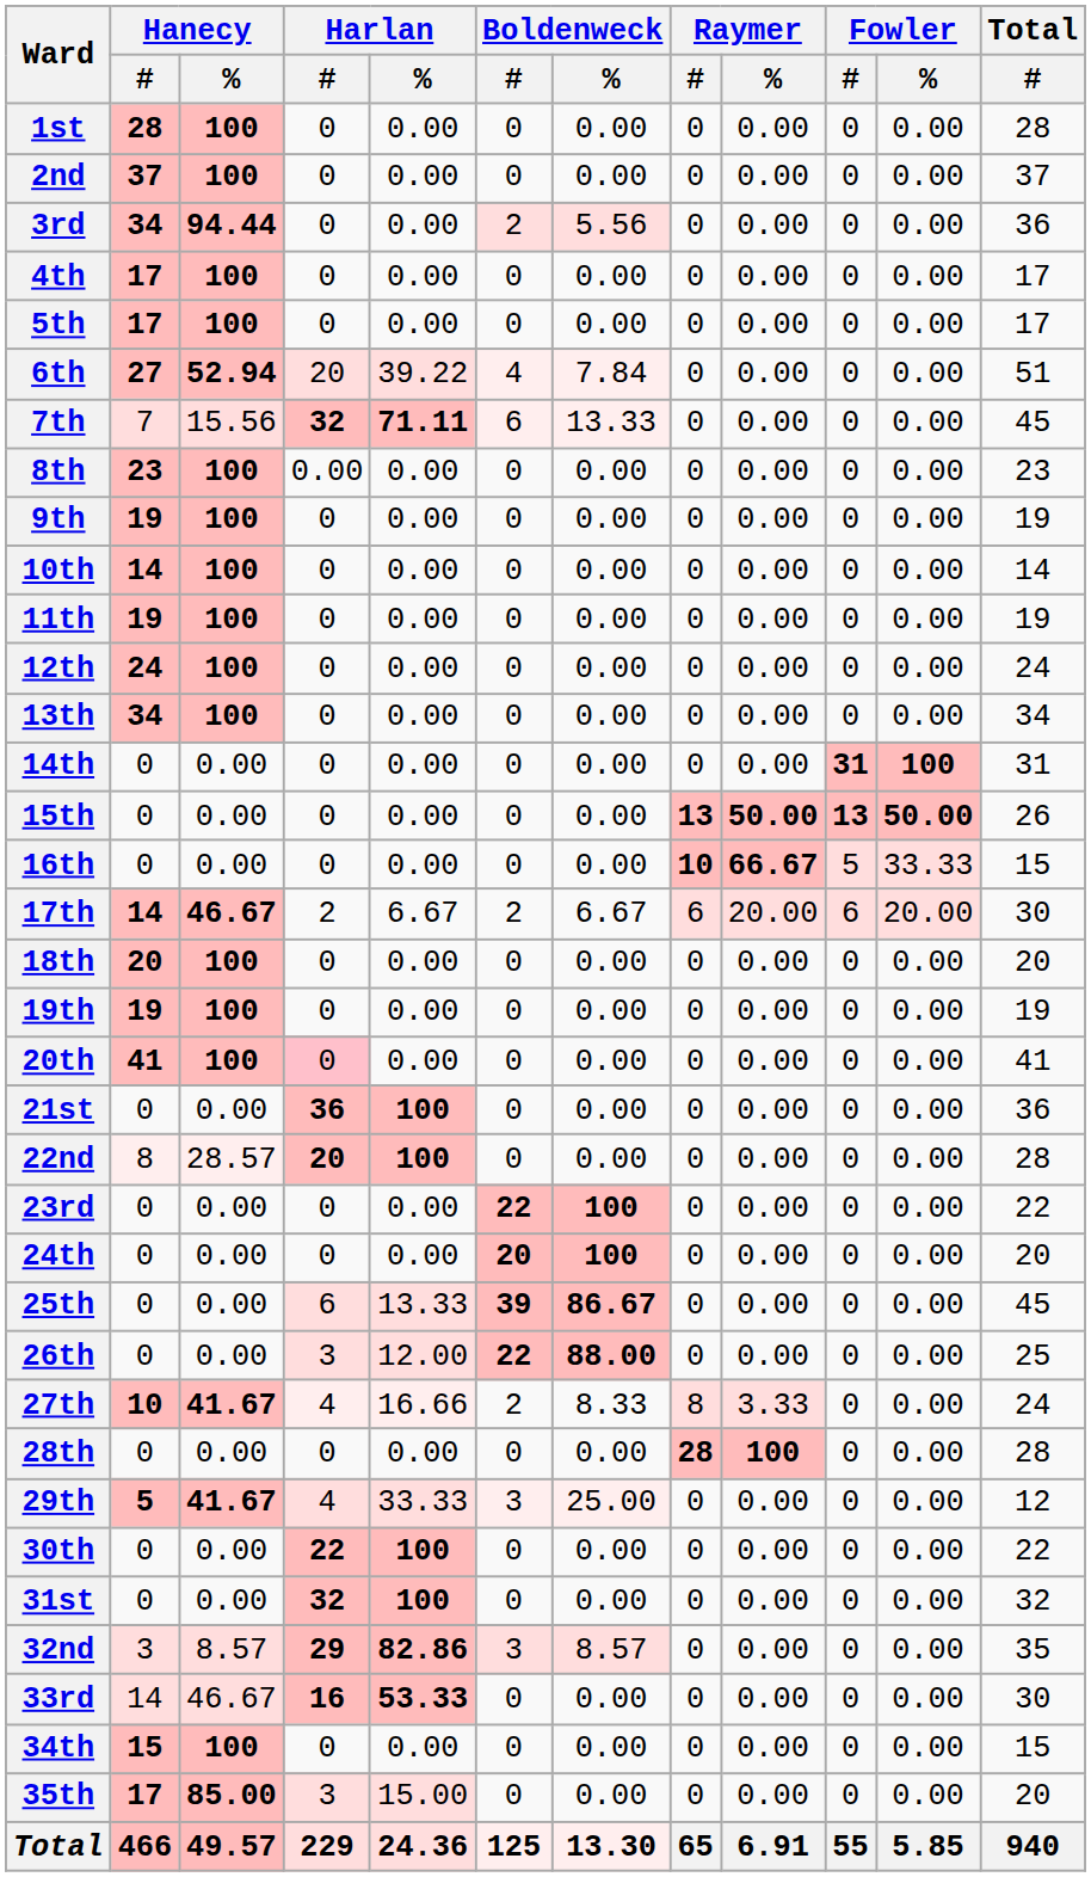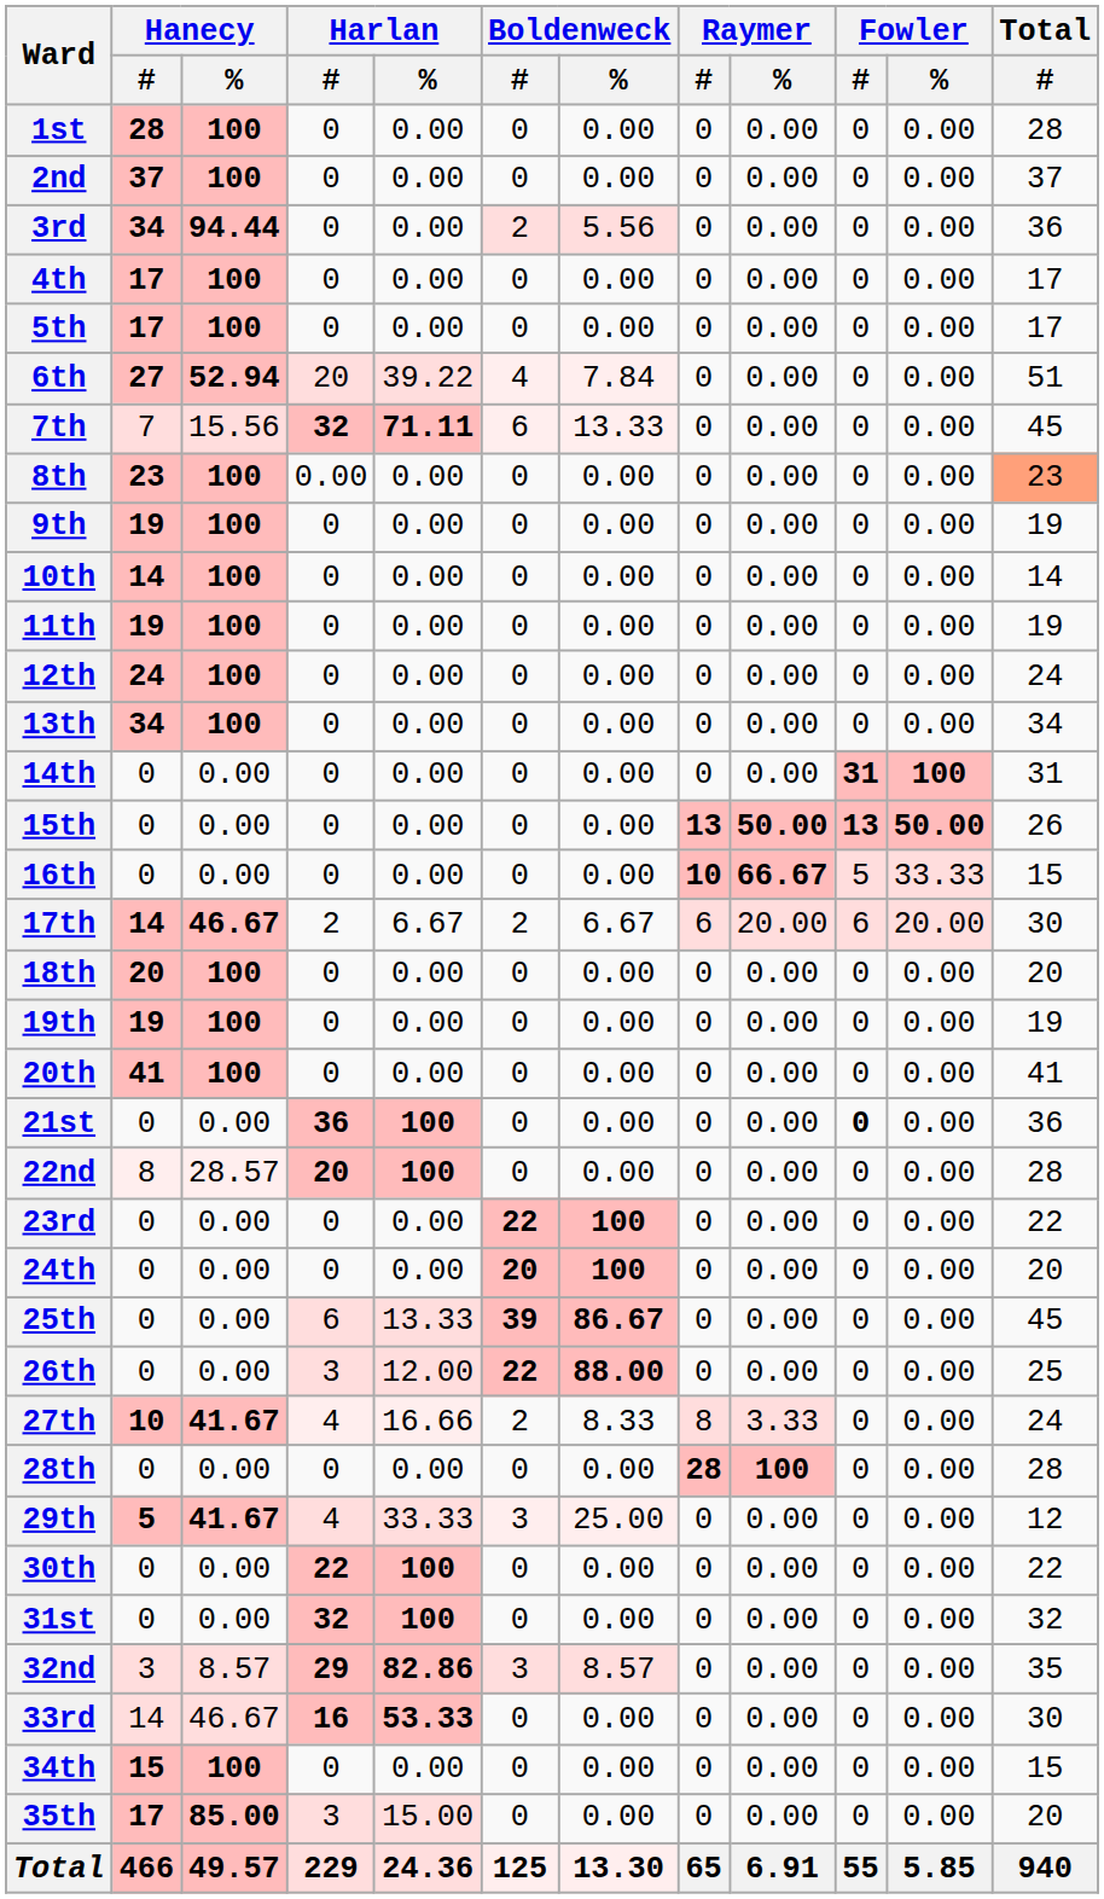 <table class="wikitable mw-collapsible mw-collapsed" style="text-align: center">
 <tr>
 <th rowspan=2>Ward</th>
 <th colspan=2><a href='#'>Hanecy</a></th>
 <th colspan=2><a href='#'>Harlan</a></th>
 <th colspan=2><a href='#'>Boldenweck</a></th>
 <th colspan=2><a href='#'>Raymer</a></th>
 <th colspan=2><a href='#'>Fowler</a></th>
 <th>Total</th>
 </tr>
 <tr>
 <th>#</th>
 <th>%</th>
 <th>#</th>
 <th>%</th>
 <th>#</th>
 <th>%</th>
 <th>#</th>
 <th>%</th>
 <th>#</th>
 <th>%</th>
 <th>#</th>
 </tr>
 <tr>
 <th><a href='#'>1st</a></th>
 <td style="background:#fbb;"><strong>28</strong></td>
 <td style="background:#fbb;"><strong>100</strong></td>
 <td>0</td>
 <td>0.00</td>
 <td>0</td>
 <td>0.00</td>
 <td>0</td>
 <td>0.00</td>
 <td>0</td>
 <td>0.00</td>
 <td>28</td>
 </tr>
 <tr>
 <th><a href='#'>2nd</a></th>
 <td style="background:#fbb;"><strong>37</strong></td>
 <td style="background:#fbb;"><strong>100</strong></td>
 <td>0</td>
 <td>0.00</td>
 <td>0</td>
 <td>0.00</td>
 <td>0</td>
 <td>0.00</td>
 <td>0</td>
 <td>0.00</td>
 <td>37</td>
 </tr>
 <tr>
 <th><a href='#'>3rd</a></th>
 <td style="background:#fbb;"><strong>34</strong></td>
 <td style="background:#fbb;"><strong>94.44</strong></td>
 <td>0</td>
 <td>0.00</td>
 <td style="background:#fdd;">2</td>
 <td style="background:#fdd;">5.56</td>
 <td>0</td>
 <td>0.00</td>
 <td>0</td>
 <td>0.00</td>
 <td>36</td>
 </tr>
 <tr>
 <th><a href='#'>4th</a></th>
 <td style="background:#fbb;"><strong>17</strong></td>
 <td style="background:#fbb;"><strong>100</strong></td>
 <td>0</td>
 <td>0.00</td>
 <td>0</td>
 <td>0.00</td>
 <td>0</td>
 <td>0.00</td>
 <td>0</td>
 <td>0.00</td>
 <td>17</td>
 </tr>
 <tr>
 <th><a href='#'>5th</a></th>
 <td style="background:#fbb;"><strong>17</strong></td>
 <td style="background:#fbb;"><strong>100</strong></td>
 <td>0</td>
 <td>0.00</td>
 <td>0</td>
 <td>0.00</td>
 <td>0</td>
 <td>0.00</td>
 <td>0</td>
 <td>0.00</td>
 <td>17</td>
 </tr>
 <tr>
 <th><a href='#'>6th</a></th>
 <td style="background:#fbb;"><strong>27</strong></td>
 <td style="background:#fbb;"><strong>52.94</strong></td>
 <td style="background:#fdd;">20</td>
 <td style="background:#fdd;">39.22</td>
 <td style="background:#fee;">4</td>
 <td style="background:#fee;">7.84</td>
 <td>0</td>
 <td>0.00</td>
 <td>0</td>
 <td>0.00</td>
 <td>51</td>
 </tr>
 <tr>
 <th><a href='#'>7th</a></th>
 <td style="background:#fdd;">7</td>
 <td style="background:#fdd;">15.56</td>
 <td style="background:#fbb;"><strong>32</strong></td>
 <td style="background:#fbb;"><strong>71.11</strong></td>
 <td style="background:#fee;">6</td>
 <td style="background:#fee;">13.33</td>
 <td>0</td>
 <td>0.00</td>
 <td>0</td>
 <td>0.00</td>
 <td>45</td>
 </tr>
 <tr>
 <th><a href='#'>8th</a></th>
 <td style="background:#fbb;"><strong>23</strong></td>
 <td style="background:#fbb;"><strong>100</strong></td>
 <td>0.00</td>
 <td>0.00</td>
 <td>0</td>
 <td>0.00</td>
 <td>0</td>
 <td>0.00</td>
 <td>0</td>
 <td>0.00</td>
-<td>23</td>
+<td style="background: lightsalmon;">23</td>
 </tr>
 <tr>
 <th><a href='#'>9th</a></th>
 <td style="background:#fbb;"><strong>19</strong></td>
 <td style="background:#fbb;"><strong>100</strong></td>
 <td>0</td>
 <td>0.00</td>
 <td>0</td>
 <td>0.00</td>
 <td>0</td>
 <td>0.00</td>
 <td>0</td>
 <td>0.00</td>
 <td>19</td>
 </tr>
 <tr>
 <th><a href='#'>10th</a></th>
 <td style="background:#fbb;"><strong>14</strong></td>
 <td style="background:#fbb;"><strong>100</strong></td>
 <td>0</td>
 <td>0.00</td>
 <td>0</td>
 <td>0.00</td>
 <td>0</td>
 <td>0.00</td>
 <td>0</td>
 <td>0.00</td>
 <td>14</td>
 </tr>
 <tr>
 <th><a href='#'>11th</a></th>
 <td style="background:#fbb;"><strong>19</strong></td>
 <td style="background:#fbb;"><strong>100</strong></td>
 <td>0</td>
 <td>0.00</td>
 <td>0</td>
 <td>0.00</td>
 <td>0</td>
 <td>0.00</td>
 <td>0</td>
 <td>0.00</td>
 <td>19</td>
 </tr>
 <tr>
 <th><a href='#'>12th</a></th>
 <td style="background:#fbb;"><strong>24</strong></td>
 <td style="background:#fbb;"><strong>100</strong></td>
 <td>0</td>
 <td>0.00</td>
 <td>0</td>
 <td>0.00</td>
 <td>0</td>
 <td>0.00</td>
 <td>0</td>
 <td>0.00</td>
 <td>24</td>
 </tr>
 <tr>
 <th><a href='#'>13th</a></th>
 <td style="background:#fbb;"><strong>34</strong></td>
 <td style="background:#fbb;"><strong>100</strong></td>
 <td>0</td>
 <td>0.00</td>
 <td>0</td>
 <td>0.00</td>
 <td>0</td>
 <td>0.00</td>
 <td>0</td>
 <td>0.00</td>
 <td>34</td>
 </tr>
 <tr>
 <th><a href='#'>14th</a></th>
 <td>0</td>
 <td>0.00</td>
 <td>0</td>
 <td>0.00</td>
 <td>0</td>
 <td>0.00</td>
 <td>0</td>
 <td>0.00</td>
 <td style="background:#fbb;"><strong>31</strong></td>
 <td style="background:#fbb;"><strong>100</strong></td>
 <td>31</td>
 </tr>
 <tr>
 <th><a href='#'>15th</a></th>
 <td>0</td>
 <td>0.00</td>
 <td>0</td>
 <td>0.00</td>
 <td>0</td>
 <td>0.00</td>
 <td style="background:#fbb;"><strong>13</strong></td>
 <td style="background:#fbb;"><strong>50.00</strong></td>
 <td style="background:#fbb;"><strong>13</strong></td>
 <td style="background:#fbb;"><strong>50.00</strong></td>
 <td>26</td>
 </tr>
 <tr>
 <th><a href='#'>16th</a></th>
 <td>0</td>
 <td>0.00</td>
 <td>0</td>
 <td>0.00</td>
 <td>0</td>
 <td>0.00</td>
 <td style="background:#fbb;"><strong>10</strong></td>
 <td style="background:#fbb;"><strong>66.67</strong></td>
 <td style="background:#fdd;">5</td>
 <td style="background:#fdd;">33.33</td>
 <td>15</td>
 </tr>
 <tr>
 <th><a href='#'>17th</a></th>
 <td style="background:#fbb;"><strong>14</strong></td>
 <td style="background:#fbb;"><strong>46.67</strong></td>
 <td>2</td>
 <td>6.67</td>
 <td>2</td>
 <td>6.67</td>
 <td style="background:#fdd;">6</td>
 <td style="background:#fdd;">20.00</td>
 <td style="background:#fdd;">6</td>
 <td style="background:#fdd;">20.00</td>
 <td>30</td>
 </tr>
 <tr>
 <th><a href='#'>18th</a></th>
 <td style="background:#fbb;"><strong>20</strong></td>
 <td style="background:#fbb;"><strong>100</strong></td>
 <td>0</td>
 <td>0.00</td>
 <td>0</td>
 <td>0.00</td>
 <td>0</td>
 <td>0.00</td>
 <td>0</td>
 <td>0.00</td>
 <td>20</td>
 </tr>
 <tr>
 <th><a href='#'>19th</a></th>
 <td style="background:#fbb;"><strong>19</strong></td>
 <td style="background:#fbb;"><strong>100</strong></td>
 <td>0</td>
 <td>0.00</td>
 <td>0</td>
 <td>0.00</td>
 <td>0</td>
 <td>0.00</td>
 <td>0</td>
 <td>0.00</td>
 <td>19</td>
 </tr>
 <tr>
 <th><a href='#'>20th</a></th>
 <td style="background:#fbb;"><strong>41</strong></td>
 <td style="background:#fbb;"><strong>100</strong></td>
-<td style="background: pink;">0</td>
+<td>0</td>
 <td>0.00</td>
 <td>0</td>
 <td>0.00</td>
 <td>0</td>
 <td>0.00</td>
 <td>0</td>
 <td>0.00</td>
 <td>41</td>
 </tr>
 <tr>
 <th><a href='#'>21st</a></th>
 <td>0</td>
 <td>0.00</td>
 <td style="background:#fbb;"><strong>36</strong></td>
 <td style="background:#fbb;"><strong>100</strong></td>
 <td>0</td>
 <td>0.00</td>
 <td>0</td>
 <td>0.00</td>
-<td>0</td>
+<td><strong>0</strong></td>
 <td>0.00</td>
 <td>36</td>
 </tr>
 <tr>
 <th><a href='#'>22nd</a></th>
 <td style="background:#fee;">8</td>
 <td style="background:#fee;">28.57</td>
 <td style="background:#fbb;"><strong>20</strong></td>
 <td style="background:#fbb;"><strong>100</strong></td>
 <td>0</td>
 <td>0.00</td>
 <td>0</td>
 <td>0.00</td>
 <td>0</td>
 <td>0.00</td>
 <td>28</td>
 </tr>
 <tr>
 <th><a href='#'>23rd</a></th>
 <td>0</td>
 <td>0.00</td>
 <td>0</td>
 <td>0.00</td>
 <td style="background:#fbb;"><strong>22</strong></td>
 <td style="background:#fbb;"><strong>100</strong></td>
 <td>0</td>
 <td>0.00</td>
 <td>0</td>
 <td>0.00</td>
 <td>22</td>
 </tr>
 <tr>
 <th><a href='#'>24th</a></th>
 <td>0</td>
 <td>0.00</td>
 <td>0</td>
 <td>0.00</td>
 <td style="background:#fbb;"><strong>20</strong></td>
 <td style="background:#fbb;"><strong>100</strong></td>
 <td>0</td>
 <td>0.00</td>
 <td>0</td>
 <td>0.00</td>
 <td>20</td>
 </tr>
 <tr>
 <th><a href='#'>25th</a></th>
 <td>0</td>
 <td>0.00</td>
 <td style="background:#fdd;">6</td>
 <td style="background:#fdd;">13.33</td>
 <td style="background:#fbb;"><strong>39</strong></td>
 <td style="background:#fbb;"><strong>86.67</strong></td>
 <td>0</td>
 <td>0.00</td>
 <td>0</td>
 <td>0.00</td>
 <td>45</td>
 </tr>
 <tr>
 <th><a href='#'>26th</a></th>
 <td>0</td>
 <td>0.00</td>
 <td style="background:#fdd;">3</td>
 <td style="background:#fdd;">12.00</td>
 <td style="background:#fbb;"><strong>22</strong></td>
 <td style="background:#fbb;"><strong>88.00</strong></td>
 <td>0</td>
 <td>0.00</td>
 <td>0</td>
 <td>0.00</td>
 <td>25</td>
 </tr>
 <tr>
 <th><a href='#'>27th</a></th>
 <td style="background:#fbb;"><strong>10</strong></td>
 <td style="background:#fbb;"><strong>41.67</strong></td>
 <td style="background:#fee;">4</td>
 <td style="background:#fee;">16.66</td>
 <td>2</td>
 <td>8.33</td>
 <td style="background:#fdd;">8</td>
 <td style="background:#fdd;">3.33</td>
 <td>0</td>
 <td>0.00</td>
 <td>24</td>
 </tr>
 <tr>
 <th><a href='#'>28th</a></th>
 <td>0</td>
 <td>0.00</td>
 <td>0</td>
 <td>0.00</td>
 <td>0</td>
 <td>0.00</td>
 <td style="background:#fbb;"><strong>28</strong></td>
 <td style="background:#fbb;"><strong>100</strong></td>
 <td>0</td>
 <td>0.00</td>
 <td>28</td>
 </tr>
 <tr>
 <th><a href='#'>29th</a></th>
 <td style="background:#fbb;"><strong>5</strong></td>
 <td style="background:#fbb;"><strong>41.67</strong></td>
 <td style="background:#fdd;">4</td>
 <td style="background:#fdd;">33.33</td>
 <td style="background:#fee;">3</td>
 <td style="background:#fee;">25.00</td>
 <td>0</td>
 <td>0.00</td>
 <td>0</td>
 <td>0.00</td>
 <td>12</td>
 </tr>
 <tr>
 <th><a href='#'>30th</a></th>
 <td>0</td>
 <td>0.00</td>
 <td style="background:#fbb;"><strong>22</strong></td>
 <td style="background:#fbb;"><strong>100</strong></td>
 <td>0</td>
 <td>0.00</td>
 <td>0</td>
 <td>0.00</td>
 <td>0</td>
 <td>0.00</td>
 <td>22</td>
 </tr>
 <tr>
 <th><a href='#'>31st</a></th>
 <td>0</td>
 <td>0.00</td>
 <td style="background:#fbb;"><strong>32</strong></td>
 <td style="background:#fbb;"><strong>100</strong></td>
 <td>0</td>
 <td>0.00</td>
 <td>0</td>
 <td>0.00</td>
 <td>0</td>
 <td>0.00</td>
 <td>32</td>
 </tr>
 <tr>
 <th><a href='#'>32nd</a></th>
 <td style="background:#fdd;">3</td>
 <td style="background:#fdd;">8.57</td>
 <td style="background:#fbb;"><strong>29</strong></td>
 <td style="background:#fbb;"><strong>82.86</strong></td>
 <td style="background:#fdd;">3</td>
 <td style="background:#fdd;">8.57</td>
 <td>0</td>
 <td>0.00</td>
 <td>0</td>
 <td>0.00</td>
 <td>35</td>
 </tr>
 <tr>
 <th><a href='#'>33rd</a></th>
 <td style="background:#fdd;">14</td>
 <td style="background:#fdd;">46.67</td>
 <td style="background:#fbb;"><strong>16</strong></td>
 <td style="background:#fbb;"><strong>53.33</strong></td>
 <td>0</td>
 <td>0.00</td>
 <td>0</td>
 <td>0.00</td>
 <td>0</td>
 <td>0.00</td>
 <td>30</td>
 </tr>
 <tr>
 <th><a href='#'>34th</a></th>
 <td style="background:#fbb;"><strong>15</strong></td>
 <td style="background:#fbb;"><strong>100</strong></td>
 <td>0</td>
 <td>0.00</td>
 <td>0</td>
 <td>0.00</td>
 <td>0</td>
 <td>0.00</td>
 <td>0</td>
 <td>0.00</td>
 <td>15</td>
 </tr>
 <tr>
 <th><a href='#'>35th</a></th>
 <td style="background:#fbb;"><strong>17</strong></td>
 <td style="background:#fbb;"><strong>85.00</strong></td>
 <td style="background:#fdd;">3</td>
 <td style="background:#fdd;">15.00</td>
 <td>0</td>
 <td>0.00</td>
 <td>0</td>
 <td>0.00</td>
 <td>0</td>
 <td>0.00</td>
 <td>20</td>
 </tr>
 <tr>
 <th><em>Total</em></th>
 <th style="background:#fbb;">466</th>
 <th style="background:#fbb;">49.57</th>
 <th style="background:#fdd;">229</th>
 <th style="background:#fdd;">24.36</th>
 <th style="background:#fee;">125</th>
 <th style="background:#fee;">13.30</th>
 <th>65</th>
 <th>6.91</th>
 <th>55</th>
 <th>5.85</th>
 <th>940</th>
 </tr>
 </table>
